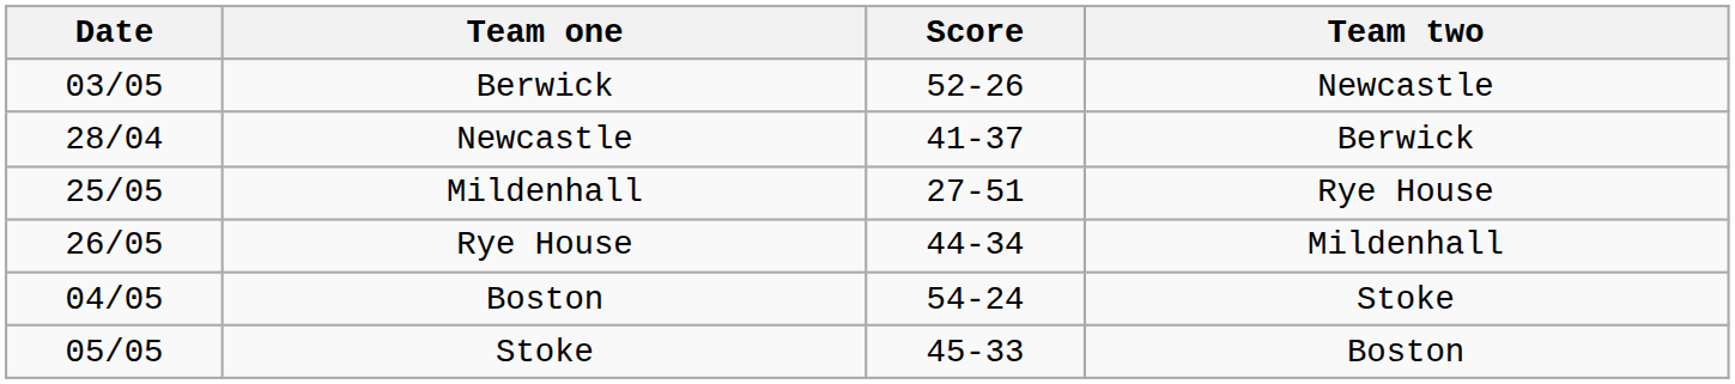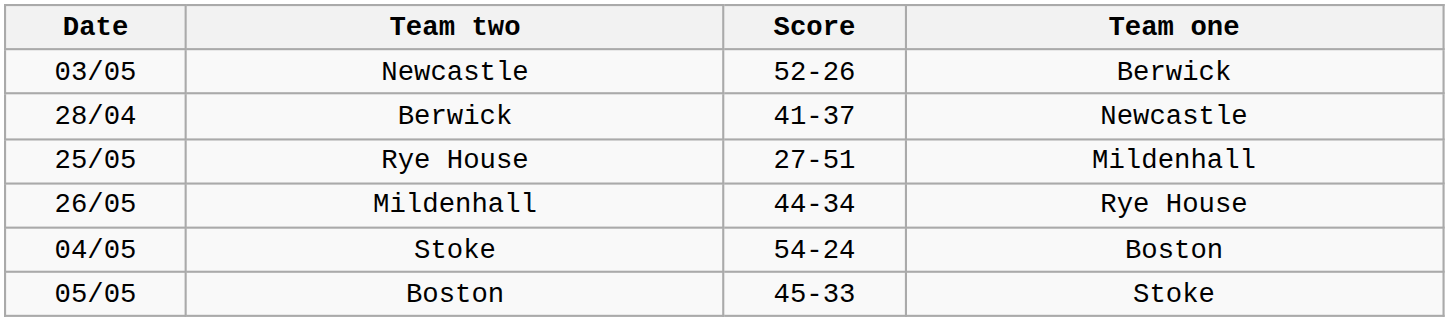 <table class="wikitable" style="text-align: center">
 <tr>
 <th width=80>Date</th>
+<th width=250>Team two</th>
+<th width=80>Score</th>
 <th width=250>Team one</th>
-<th width=80>Score</th>
-<th width=250>Team two</th>
 </tr>
 <tr>
 <td>03/05</td>
+<td>Newcastle</td>
+<td>52-26</td>
 <td>Berwick</td>
-<td>52-26</td>
+</tr>
+<tr>
+<td>28/04</td>
+<td>Berwick</td>
+<td>41-37</td>
 <td>Newcastle</td>
 </tr>
 <tr>
-<td>28/04</td>
-<td>Newcastle</td>
-<td>41-37</td>
-<td>Berwick</td>
+<td>25/05</td>
+<td>Rye House</td>
+<td>27-51</td>
+<td>Mildenhall</td>
 </tr>
 <tr>
-<td>25/05</td>
+<td>26/05</td>
 <td>Mildenhall</td>
-<td>27-51</td>
+<td>44-34</td>
 <td>Rye House</td>
 </tr>
 <tr>
-<td>26/05</td>
-<td>Rye House</td>
-<td>44-34</td>
-<td>Mildenhall</td>
-</tr>
-<tr>
 <td>04/05</td>
+<td>Stoke</td>
+<td>54-24</td>
 <td>Boston</td>
-<td>54-24</td>
-<td>Stoke</td>
 </tr>
 <tr>
 <td>05/05</td>
+<td>Boston</td>
+<td>45-33</td>
 <td>Stoke</td>
-<td>45-33</td>
-<td>Boston</td>
 </tr>
 </table>
